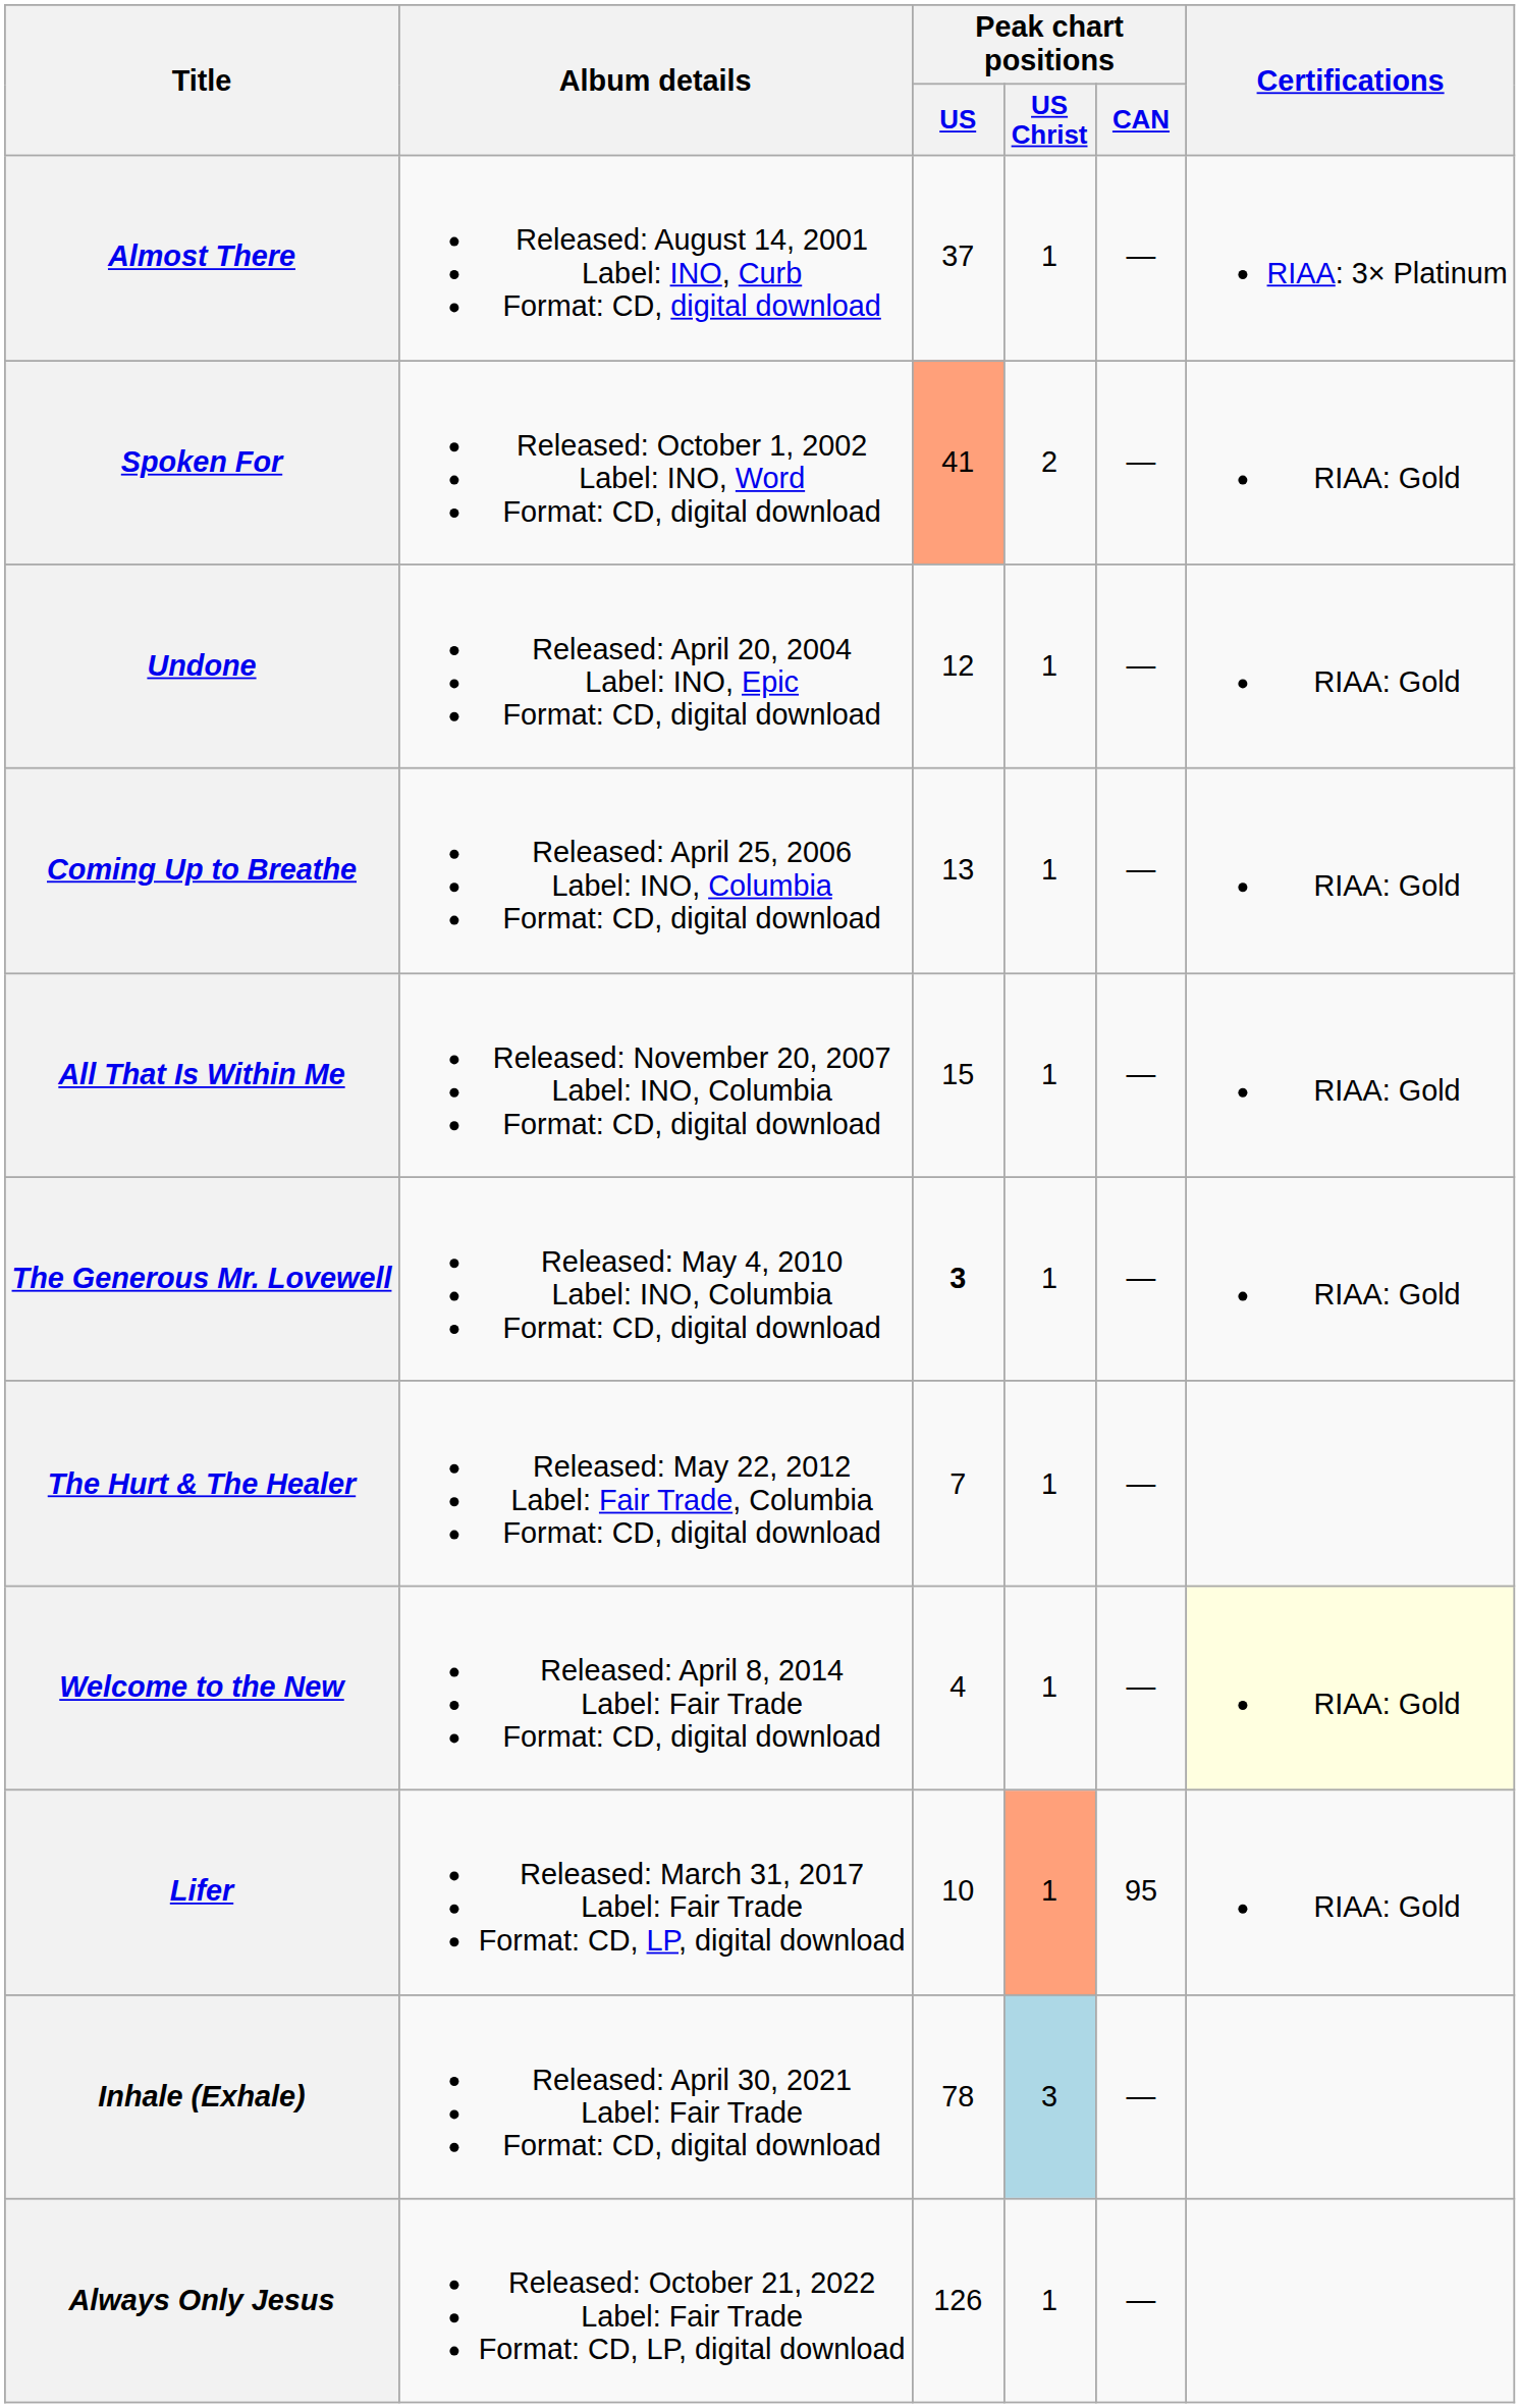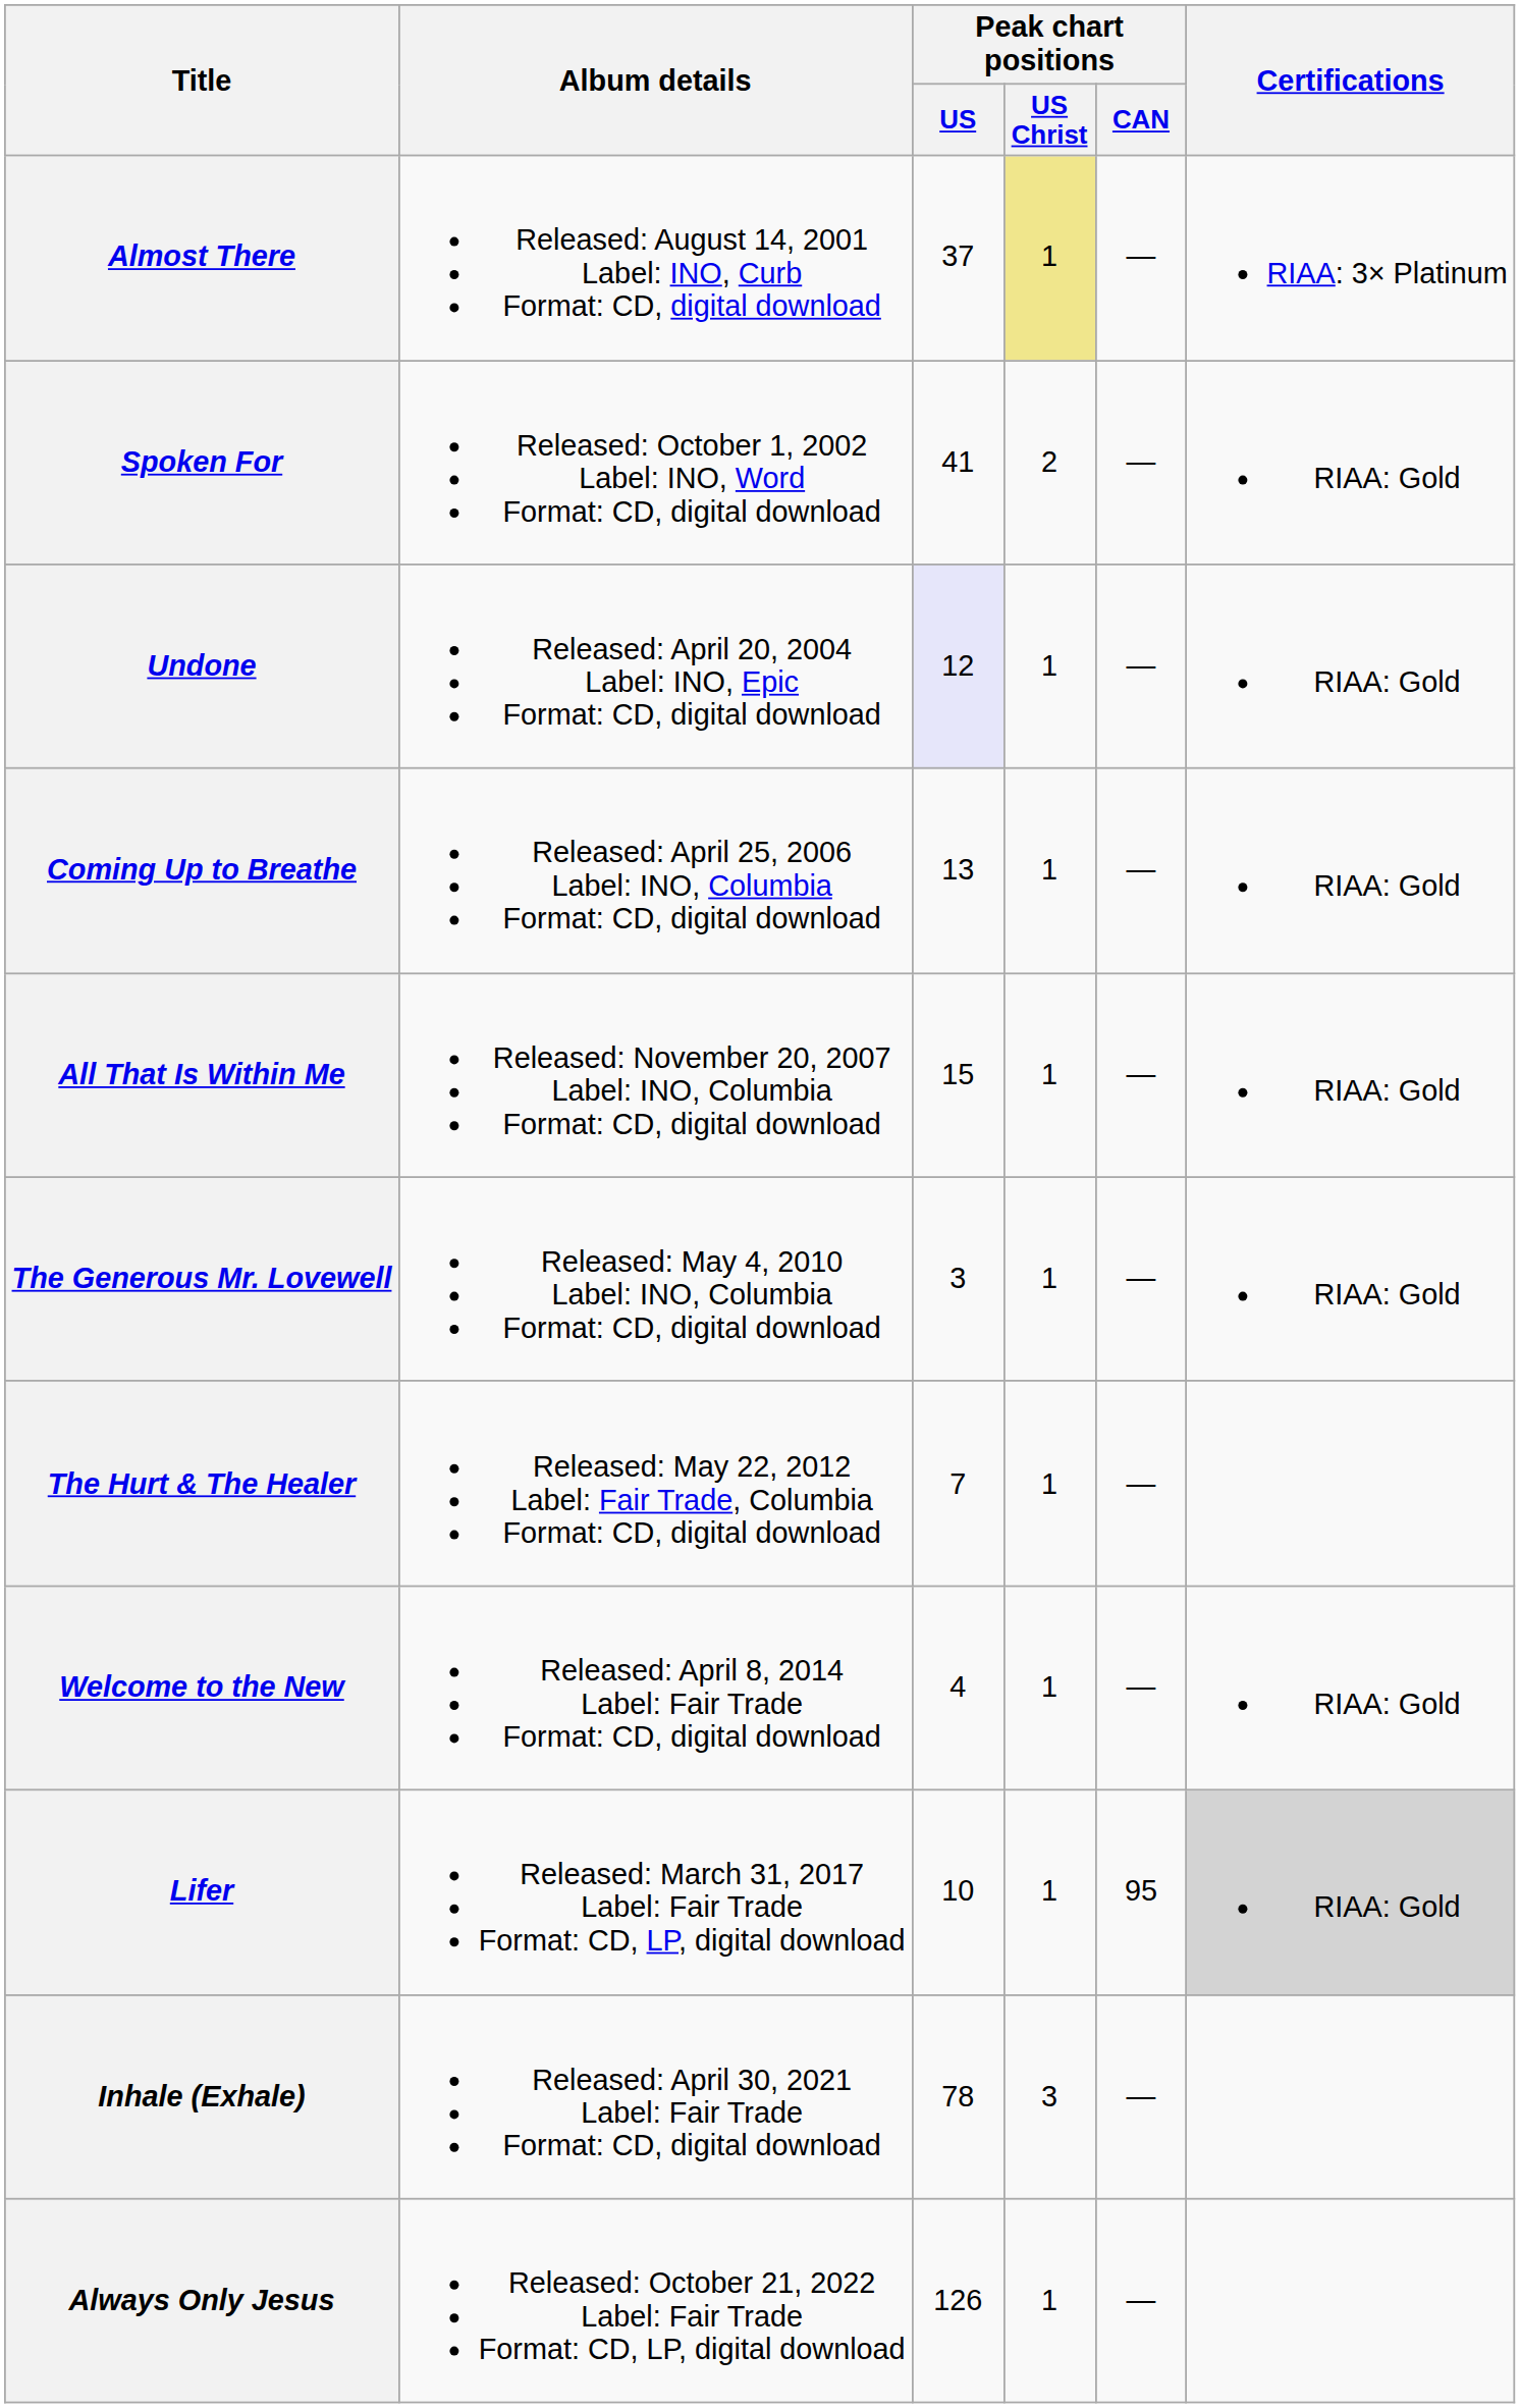 <table class="wikitable plainrowheaders" style="text-align:center;">
 <tr>
 <th scope="col" rowspan="2">Title</th>
 <th scope="col" rowspan="2">Album details</th>
 <th scope="col" colspan="3">Peak chart positions</th>
 <th scope="col" rowspan="2"><a href='#'>Certifications</a></th>
 </tr>
 <tr>
 <th style="width:3em; font-size:90%"><a href='#'>US</a><br></th>
 <th style="width:3em; font-size:90%"><a href='#'>US<br>Christ</a><br></th>
 <th style="width:3em; font-size:90%"><a href='#'>CAN</a><br></th>
 </tr>
 <tr>
 <th scope="row"><em><a href='#'>Almost There</a></em></th>
 <td><br><ul><li>Released: August 14, 2001</li><li>Label: <a href='#'>INO</a>, <a href='#'>Curb</a></li><li>Format: CD, <a href='#'>digital download</a></li></ul></td>
 <td>37</td>
-<td>1</td>
+<td style="background: khaki;">1</td>
 <td>—</td>
 <td><br><ul><li><a href='#'>RIAA</a>: 3× Platinum</li></ul></td>
 </tr>
 <tr>
 <th scope="row"><em><a href='#'>Spoken For</a></em></th>
 <td><br><ul><li>Released: October 1, 2002</li><li>Label: INO, <a href='#'>Word</a></li><li>Format: CD, digital download</li></ul></td>
-<td style="background: lightsalmon;">41</td>
+<td>41</td>
 <td>2</td>
 <td>—</td>
 <td><br><ul><li>RIAA: Gold</li></ul></td>
 </tr>
 <tr>
 <th scope="row"><em><a href='#'>Undone</a></em></th>
 <td><br><ul><li>Released: April 20, 2004</li><li>Label: INO, <a href='#'>Epic</a></li><li>Format: CD, digital download</li></ul></td>
-<td>12</td>
+<td style="background: lavender;">12</td>
 <td>1</td>
 <td>—</td>
 <td><br><ul><li>RIAA: Gold</li></ul></td>
 </tr>
 <tr>
 <th scope="row"><em><a href='#'>Coming Up to Breathe</a></em></th>
 <td><br><ul><li>Released: April 25, 2006</li><li>Label: INO, <a href='#'>Columbia</a></li><li>Format: CD, digital download</li></ul></td>
 <td>13</td>
 <td>1</td>
 <td>—</td>
 <td><br><ul><li>RIAA: Gold</li></ul></td>
 </tr>
 <tr>
 <th scope="row"><em><a href='#'>All That Is Within Me</a></em></th>
 <td><br><ul><li>Released: November 20, 2007</li><li>Label: INO, Columbia</li><li>Format: CD, digital download</li></ul></td>
 <td>15</td>
 <td>1</td>
 <td>—</td>
 <td><br><ul><li>RIAA: Gold</li></ul></td>
 </tr>
 <tr>
 <th scope="row"><em><a href='#'>The Generous Mr. Lovewell</a></em></th>
 <td><br><ul><li>Released: May 4, 2010</li><li>Label: INO, Columbia</li><li>Format: CD, digital download</li></ul></td>
-<td><strong>3</strong></td>
+<td>3</td>
 <td>1</td>
 <td>—</td>
 <td><br><ul><li>RIAA: Gold</li></ul></td>
 </tr>
 <tr>
 <th scope="row"><em><a href='#'>The Hurt & The Healer</a></em></th>
 <td><br><ul><li>Released: May 22, 2012</li><li>Label: <a href='#'>Fair Trade</a>, Columbia</li><li>Format: CD, digital download</li></ul></td>
 <td>7</td>
 <td>1</td>
 <td>—</td>
 <td></td>
 </tr>
 <tr>
 <th scope="row"><em><a href='#'>Welcome to the New</a></em></th>
 <td><br><ul><li>Released: April 8, 2014</li><li>Label: Fair Trade</li><li>Format: CD, digital download</li></ul></td>
 <td>4</td>
 <td>1</td>
 <td>—</td>
-<td style="background: lightyellow;"><br><ul><li>RIAA: Gold</li></ul></td>
+<td><br><ul><li>RIAA: Gold</li></ul></td>
 </tr>
 <tr>
 <th scope="row"><em><a href='#'>Lifer</a></em></th>
 <td><br><ul><li>Released: March 31, 2017</li><li>Label: Fair Trade</li><li>Format: CD, <a href='#'>LP</a>, digital download</li></ul></td>
 <td>10</td>
-<td style="background: lightsalmon;">1</td>
+<td>1</td>
 <td>95</td>
-<td><br><ul><li>RIAA: Gold</li></ul></td>
+<td style="background: lightgrey;"><br><ul><li>RIAA: Gold</li></ul></td>
 </tr>
 <tr>
 <th scope="row"><em>Inhale (Exhale)</em></th>
 <td><br><ul><li>Released: April 30, 2021</li><li>Label: Fair Trade</li><li>Format: CD, digital download</li></ul></td>
 <td>78</td>
-<td style="background: lightblue;">3</td>
+<td>3</td>
 <td>—</td>
 <td></td>
 </tr>
 <tr>
 <th scope="row"><em>Always Only Jesus</em></th>
 <td><br><ul><li>Released: October 21, 2022</li><li>Label: Fair Trade</li><li>Format: CD, LP, digital download</li></ul></td>
 <td>126<br></td>
 <td>1</td>
 <td>—</td>
 <td></td>
 </tr>
 </table>
